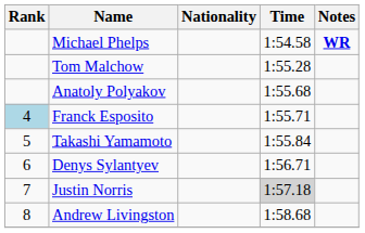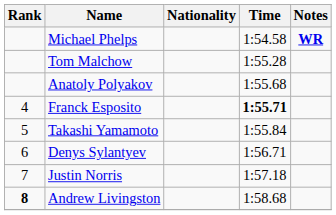 <table class="wikitable sortable" style="text-align:center">
 <tr>
 <th>Rank</th>
 <th>Name</th>
 <th>Nationality</th>
 <th>Time</th>
 <th>Notes</th>
 </tr>
 <tr>
 <td></td>
 <td align=left><a href='#'>Michael Phelps</a></td>
 <td align=left></td>
 <td>1:54.58</td>
 <td><strong><a href='#'>WR</a></strong></td>
 </tr>
 <tr>
 <td></td>
 <td align=left><a href='#'>Tom Malchow</a></td>
 <td align=left></td>
 <td>1:55.28</td>
 <td></td>
 </tr>
 <tr>
 <td></td>
 <td align=left><a href='#'>Anatoly Polyakov</a></td>
 <td align=left></td>
 <td>1:55.68</td>
 <td></td>
 </tr>
 <tr>
-<td style="background: lightblue;">4</td>
+<td>4</td>
 <td align=left><a href='#'>Franck Esposito</a></td>
 <td align=left></td>
-<td>1:55.71</td>
+<td><strong>1:55.71</strong></td>
 <td></td>
 </tr>
 <tr>
 <td>5</td>
 <td align=left><a href='#'>Takashi Yamamoto</a></td>
 <td align=left></td>
 <td>1:55.84</td>
 <td></td>
 </tr>
 <tr>
 <td>6</td>
 <td align=left><a href='#'>Denys Sylantyev</a></td>
 <td align=left></td>
 <td>1:56.71</td>
 <td></td>
 </tr>
 <tr>
 <td>7</td>
 <td align=left><a href='#'>Justin Norris</a></td>
 <td align=left></td>
-<td style="background: lightgrey;">1:57.18</td>
+<td>1:57.18</td>
 <td></td>
 </tr>
 <tr>
-<td>8</td>
+<td><strong>8</strong></td>
 <td align=left><a href='#'>Andrew Livingston</a></td>
 <td align=left></td>
 <td>1:58.68</td>
 <td></td>
 </tr>
 <tr>
 </tr>
 </table>
